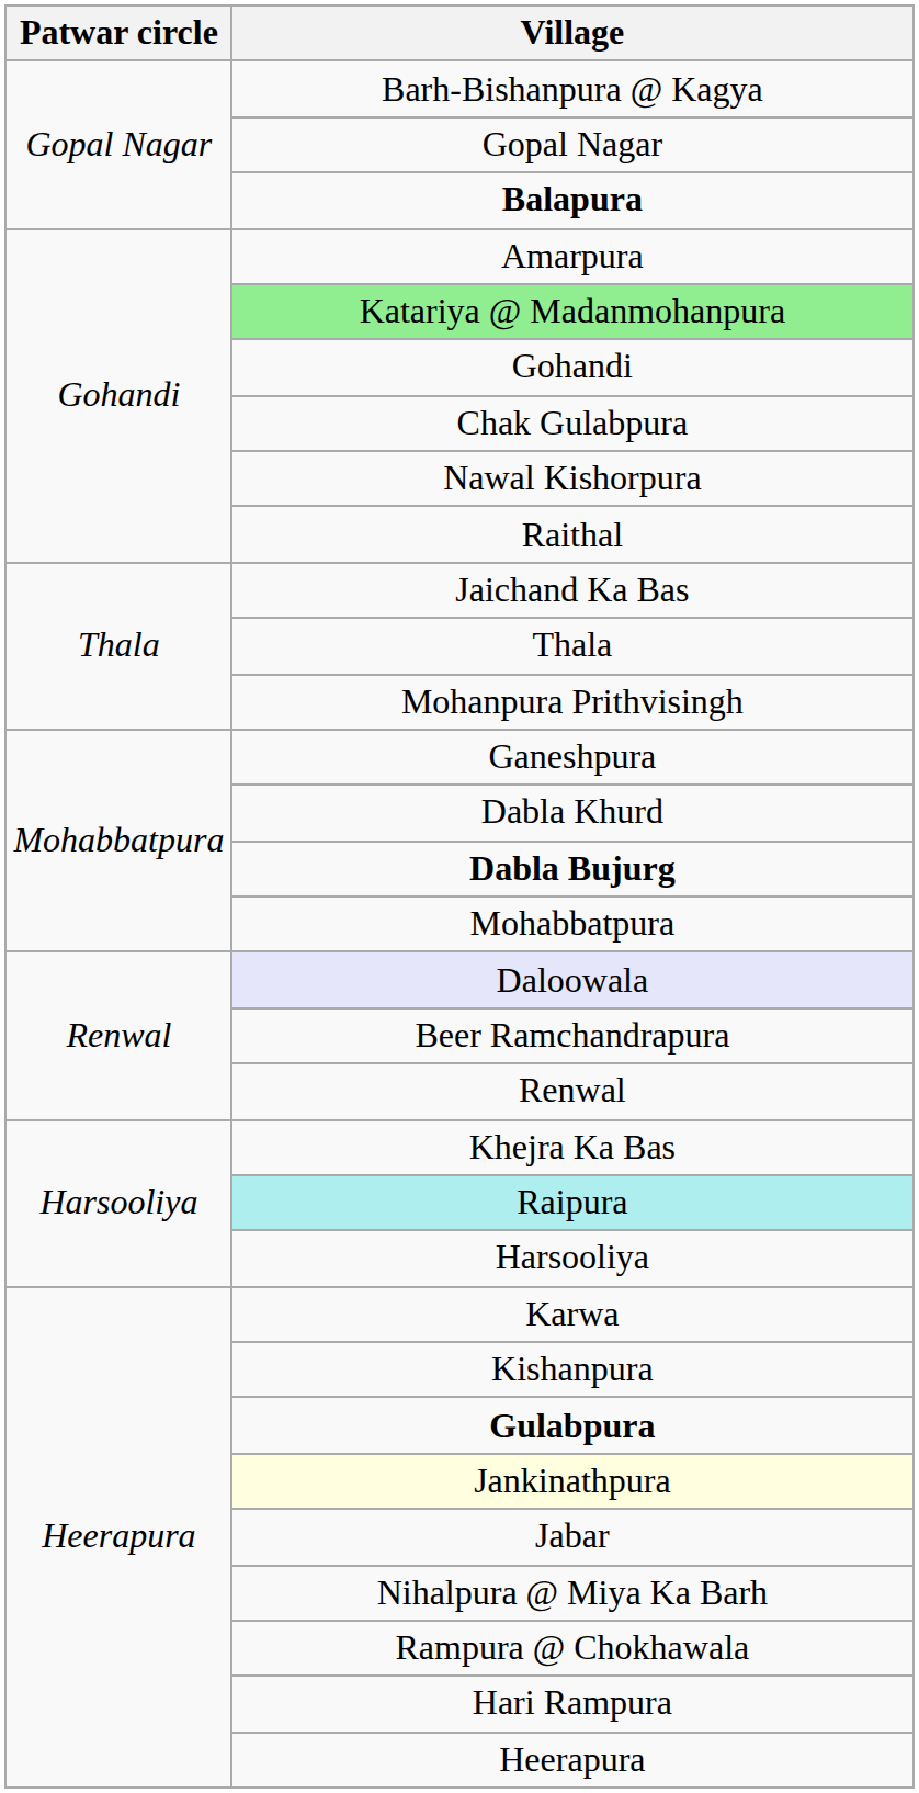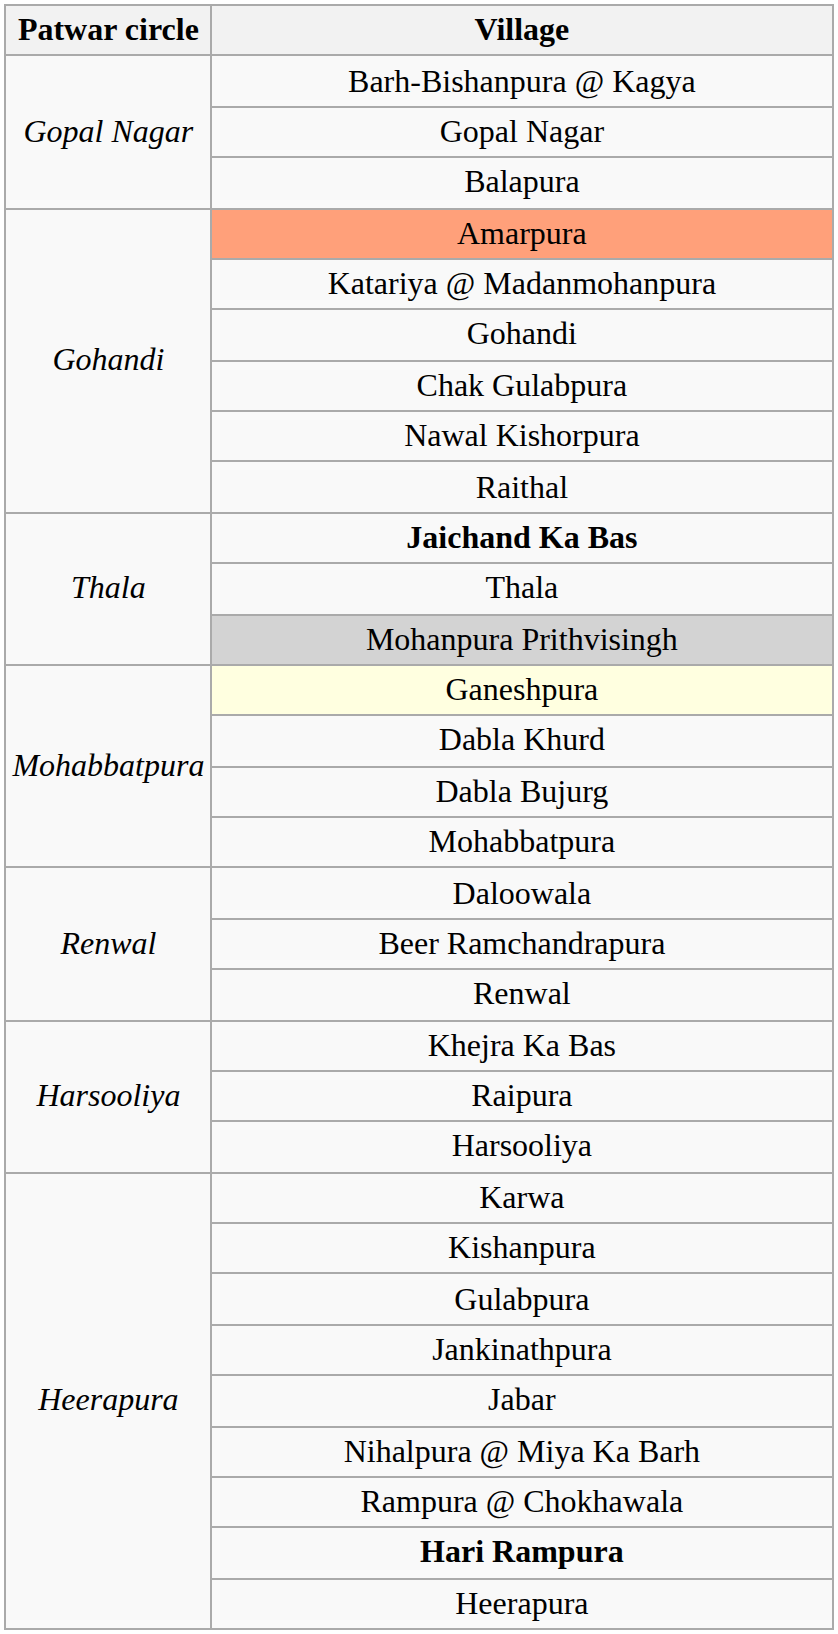 <table class="wikitable">
 <tr style="text-align:center;">
 <th colspan="1"><strong>Patwar circle</strong></th>
 <th style="width:75%;"><strong>Village</strong></th>
 </tr>
 <tr>
 <td rowspan="3" style="text-align:center;"><em>Gopal Nagar</em></td>
 <td style="text-align:center;">Barh-Bishanpura @ Kagya</td>
 </tr>
 <tr>
 <td style="text-align:center;">Gopal Nagar</td>
 </tr>
 <tr>
-<td style="text-align:center;"><strong>Balapura</strong></td>
+<td style="text-align:center;">Balapura</td>
 </tr>
 <tr>
 <td rowspan="6" style="text-align:center;"><em>Gohandi</em></td>
-<td style="text-align:center;">Amarpura</td>
+<td style="background: lightsalmon; text-align:center;">Amarpura</td>
 </tr>
 <tr>
-<td style="background: lightgreen; text-align:center;">Katariya @ Madanmohanpura</td>
+<td style="text-align:center;">Katariya @ Madanmohanpura</td>
 </tr>
 <tr>
 <td style="text-align:center;">Gohandi</td>
 </tr>
 <tr>
 <td style="text-align:center;">Chak Gulabpura</td>
 </tr>
 <tr>
 <td style="text-align:center;">Nawal Kishorpura</td>
 </tr>
 <tr>
 <td style="text-align:center;">Raithal</td>
 </tr>
 <tr>
 <td rowspan="3" style="text-align:center;"><em>Thala</em></td>
-<td style="text-align:center;">Jaichand Ka Bas</td>
+<td style="text-align:center;"><strong>Jaichand Ka Bas</strong></td>
 </tr>
 <tr>
 <td style="text-align:center;">Thala</td>
 </tr>
 <tr>
-<td style="text-align:center;">Mohanpura Prithvisingh</td>
+<td style="background: lightgrey; text-align:center;">Mohanpura Prithvisingh</td>
 </tr>
 <tr>
 <td rowspan="4" style="text-align:center;"><em>Mohabbatpura</em></td>
-<td style="text-align:center;">Ganeshpura</td>
+<td style="background: lightyellow; text-align:center;">Ganeshpura</td>
 </tr>
 <tr>
 <td style="text-align:center;">Dabla Khurd</td>
 </tr>
 <tr>
-<td style="text-align:center;"><strong>Dabla Bujurg</strong></td>
+<td style="text-align:center;">Dabla Bujurg</td>
 </tr>
 <tr>
 <td style="text-align:center;">Mohabbatpura</td>
 </tr>
 <tr>
 <td rowspan="3" style="text-align:center;"><em>Renwal</em></td>
-<td style="background: lavender; text-align:center;">Daloowala</td>
+<td style="text-align:center;">Daloowala</td>
 </tr>
 <tr>
 <td style="text-align:center;">Beer Ramchandrapura</td>
 </tr>
 <tr>
 <td style="text-align:center;">Renwal</td>
 </tr>
 <tr>
 <td rowspan="3" style="text-align:center;"><em>Harsooliya</em></td>
 <td style="text-align:center;">Khejra Ka Bas</td>
 </tr>
 <tr>
-<td style="background: paleturquoise; text-align:center;">Raipura</td>
+<td style="text-align:center;">Raipura</td>
 </tr>
 <tr>
 <td style="text-align:center;">Harsooliya</td>
 </tr>
 <tr>
 <td rowspan="9" style="text-align:center;"><em>Heerapura</em></td>
 <td style="text-align:center;">Karwa</td>
 </tr>
 <tr>
 <td style="text-align:center;">Kishanpura</td>
 </tr>
 <tr>
-<td style="text-align:center;"><strong>Gulabpura</strong></td>
+<td style="text-align:center;">Gulabpura</td>
 </tr>
 <tr>
-<td style="background: lightyellow; text-align:center;">Jankinathpura</td>
+<td style="text-align:center;">Jankinathpura</td>
 </tr>
 <tr>
 <td style="text-align:center;">Jabar</td>
 </tr>
 <tr>
 <td style="text-align:center;">Nihalpura @ Miya Ka Barh</td>
 </tr>
 <tr>
 <td style="text-align:center;">Rampura @ Chokhawala</td>
 </tr>
 <tr>
-<td style="text-align:center;">Hari Rampura</td>
+<td style="text-align:center;"><strong>Hari Rampura</strong></td>
 </tr>
 <tr>
 <td style="text-align:center;">Heerapura</td>
 </tr>
 <tr>
 </tr>
 </table>
